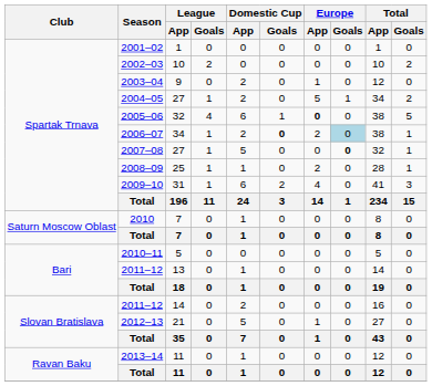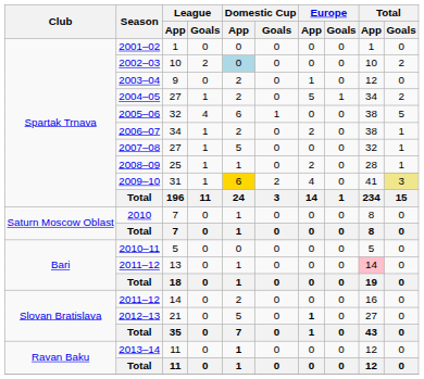 <table class="wikitable" style="text-align: center;">
 <tr>
 <th rowspan="2">Club</th>
 <th rowspan="2">Season</th>
 <th colspan="2">League</th>
 <th colspan="2">Domestic Cup</th>
 <th colspan="2"><a href='#'>Europe</a></th>
 <th colspan="2">Total</th>
 </tr>
 <tr>
 <th>App</th>
 <th>Goals</th>
 <th>App</th>
 <th>Goals</th>
 <th>App</th>
 <th>Goals</th>
 <th>App</th>
 <th>Goals</th>
 </tr>
 <tr>
 <td rowspan="10"><a href='#'>Spartak Trnava</a></td>
 <td><a href='#'>2001–02</a></td>
 <td>1</td>
 <td>0</td>
 <td>0</td>
 <td>0</td>
 <td>0</td>
 <td>0</td>
 <td>1</td>
 <td>0</td>
 </tr>
 <tr>
 <td><a href='#'>2002–03</a></td>
 <td>10</td>
 <td>2</td>
-<td>0</td>
+<td style="background: lightblue;">0</td>
 <td>0</td>
 <td>0</td>
 <td>0</td>
 <td>10</td>
 <td>2</td>
 </tr>
 <tr>
 <td><a href='#'>2003–04</a></td>
 <td>9</td>
 <td>0</td>
 <td>2</td>
 <td>0</td>
 <td>1</td>
 <td>0</td>
 <td>12</td>
 <td>0</td>
 </tr>
 <tr>
 <td><a href='#'>2004–05</a></td>
 <td>27</td>
 <td>1</td>
 <td>2</td>
 <td>0</td>
 <td>5</td>
 <td>1</td>
 <td>34</td>
 <td>2</td>
 </tr>
 <tr>
 <td><a href='#'>2005–06</a></td>
 <td>32</td>
 <td>4</td>
 <td>6</td>
 <td>1</td>
-<td><strong>0</strong></td>
+<td>0</td>
 <td>0</td>
 <td>38</td>
 <td>5</td>
 </tr>
 <tr>
 <td><a href='#'>2006–07</a></td>
 <td>34</td>
 <td>1</td>
 <td>2</td>
-<td><strong>0</strong></td>
+<td>0</td>
 <td>2</td>
-<td style="background: lightblue;">0</td>
+<td>0</td>
 <td>38</td>
 <td>1</td>
 </tr>
 <tr>
 <td><a href='#'>2007–08</a></td>
 <td>27</td>
 <td>1</td>
 <td>5</td>
 <td>0</td>
 <td>0</td>
-<td><strong>0</strong></td>
+<td>0</td>
 <td>32</td>
 <td>1</td>
 </tr>
 <tr>
 <td><a href='#'>2008–09</a></td>
 <td>25</td>
 <td>1</td>
 <td>1</td>
 <td>0</td>
 <td>2</td>
 <td>0</td>
 <td>28</td>
 <td>1</td>
 </tr>
 <tr>
 <td><a href='#'>2009–10</a></td>
 <td>31</td>
 <td>1</td>
-<td>6</td>
+<td style="background: gold;">6</td>
 <td>2</td>
 <td>4</td>
 <td>0</td>
 <td>41</td>
-<td>3</td>
+<td style="background: khaki;">3</td>
 </tr>
 <tr>
 <th>Total</th>
 <th>196</th>
 <th>11</th>
 <th>24</th>
 <th>3</th>
 <th>14</th>
 <th>1</th>
 <th>234</th>
 <th>15</th>
 </tr>
 <tr>
 <td rowspan="2"><a href='#'>Saturn Moscow Oblast</a></td>
 <td><a href='#'>2010</a></td>
 <td>7</td>
 <td>0</td>
 <td>1</td>
 <td>0</td>
 <td>0</td>
 <td>0</td>
 <td>8</td>
 <td>0</td>
 </tr>
 <tr>
 <th>Total</th>
 <th>7</th>
 <th>0</th>
 <th>1</th>
 <th>0</th>
 <th>0</th>
 <th>0</th>
 <th>8</th>
 <th>0</th>
 </tr>
 <tr>
 <td rowspan="3"><a href='#'>Bari</a></td>
 <td><a href='#'>2010–11</a></td>
 <td>5</td>
 <td>0</td>
 <td>0</td>
 <td>0</td>
 <td>0</td>
 <td>0</td>
 <td>5</td>
 <td>0</td>
 </tr>
 <tr>
 <td><a href='#'>2011–12</a></td>
 <td>13</td>
 <td>0</td>
 <td>1</td>
 <td>0</td>
 <td>0</td>
 <td>0</td>
-<td>14</td>
+<td style="background: pink;">14</td>
 <td>0</td>
 </tr>
 <tr>
 <th>Total</th>
 <th>18</th>
 <th>0</th>
 <th>1</th>
 <th>0</th>
 <th>0</th>
 <th>0</th>
 <th>19</th>
 <th>0</th>
 </tr>
 <tr>
 <td rowspan="3"><a href='#'>Slovan Bratislava</a></td>
 <td><a href='#'>2011–12</a></td>
 <td>14</td>
 <td>0</td>
 <td>2</td>
 <td>0</td>
 <td>0</td>
 <td>0</td>
 <td>16</td>
 <td>0</td>
 </tr>
 <tr>
 <td><a href='#'>2012–13</a></td>
 <td>21</td>
 <td>0</td>
 <td>5</td>
 <td>0</td>
-<td>1</td>
+<td><strong>1</strong></td>
 <td>0</td>
 <td>27</td>
 <td>0</td>
 </tr>
 <tr>
 <th>Total</th>
 <th>35</th>
 <th>0</th>
 <th>7</th>
 <th>0</th>
 <th>1</th>
 <th>0</th>
 <th>43</th>
 <th>0</th>
 </tr>
 <tr>
 <td rowspan="2"><a href='#'>Ravan Baku</a></td>
 <td><a href='#'>2013–14</a></td>
 <td>11</td>
 <td>0</td>
-<td>1</td>
+<td><strong>1</strong></td>
 <td>0</td>
 <td>0</td>
 <td>0</td>
 <td>12</td>
 <td>0</td>
 </tr>
 <tr>
 <th>Total</th>
 <th>11</th>
 <th>0</th>
 <th>1</th>
 <th>0</th>
 <th>0</th>
 <th>0</th>
 <th>12</th>
 <th>0</th>
 </tr>
 <tr>
 </tr>
 </table>
